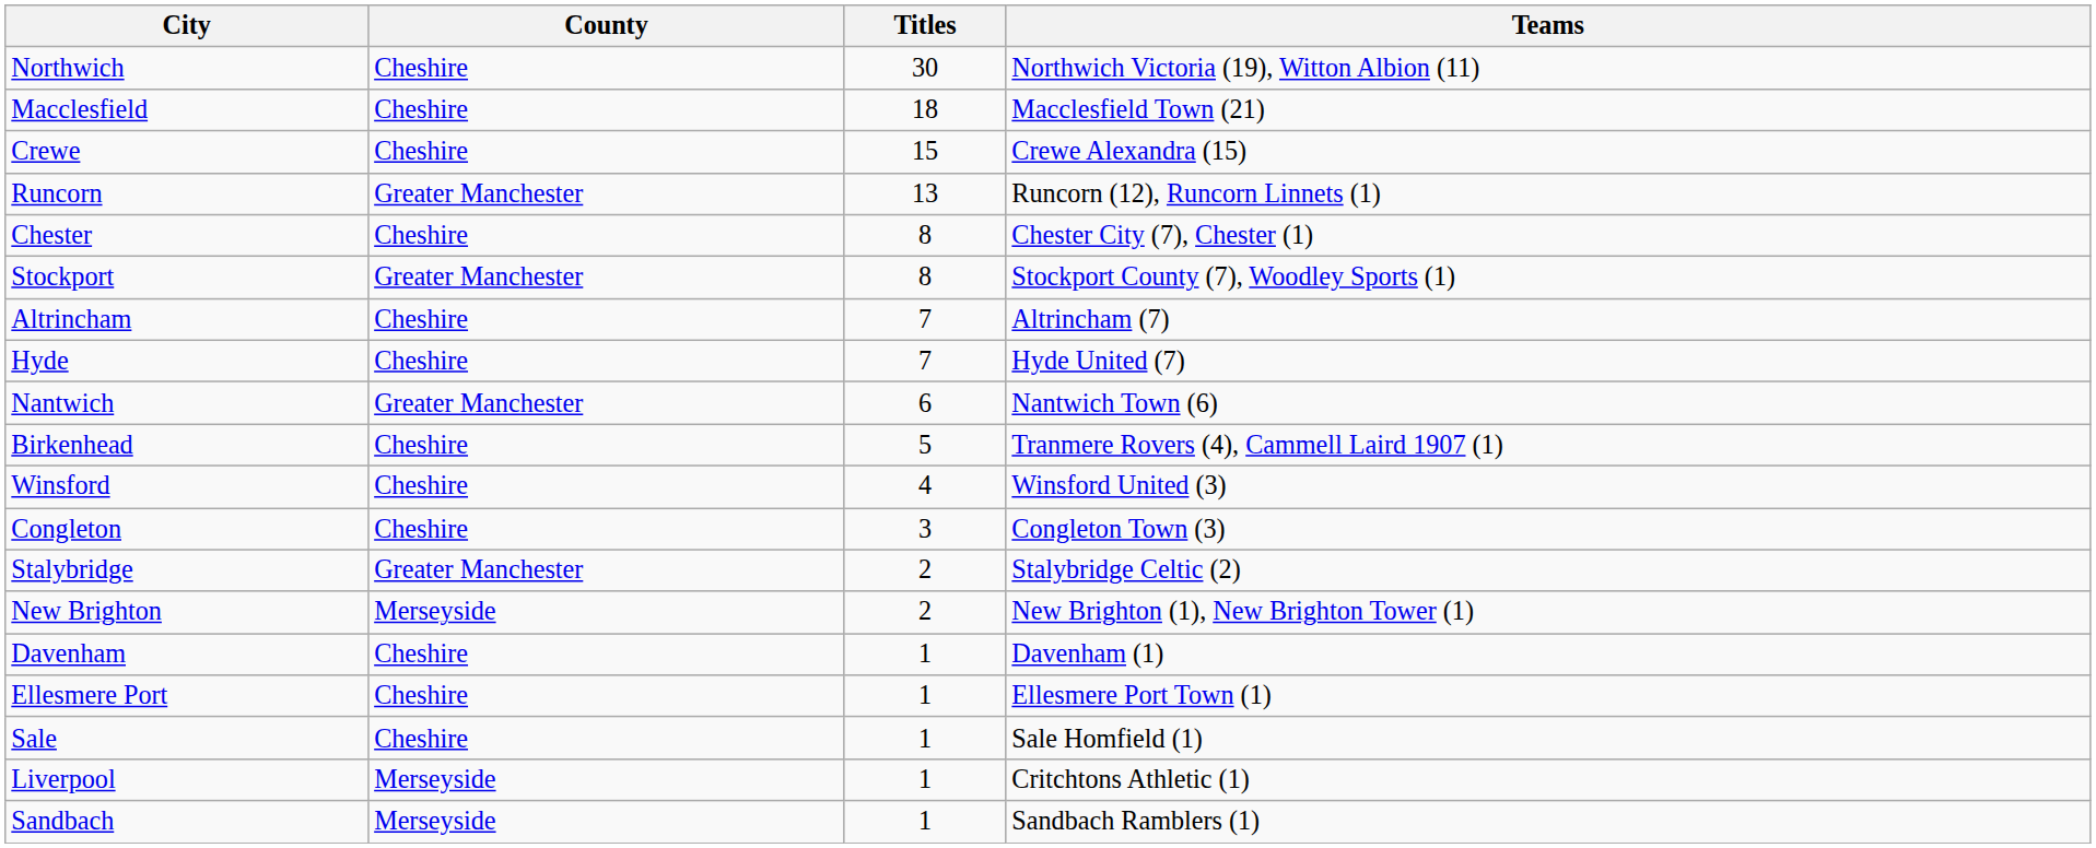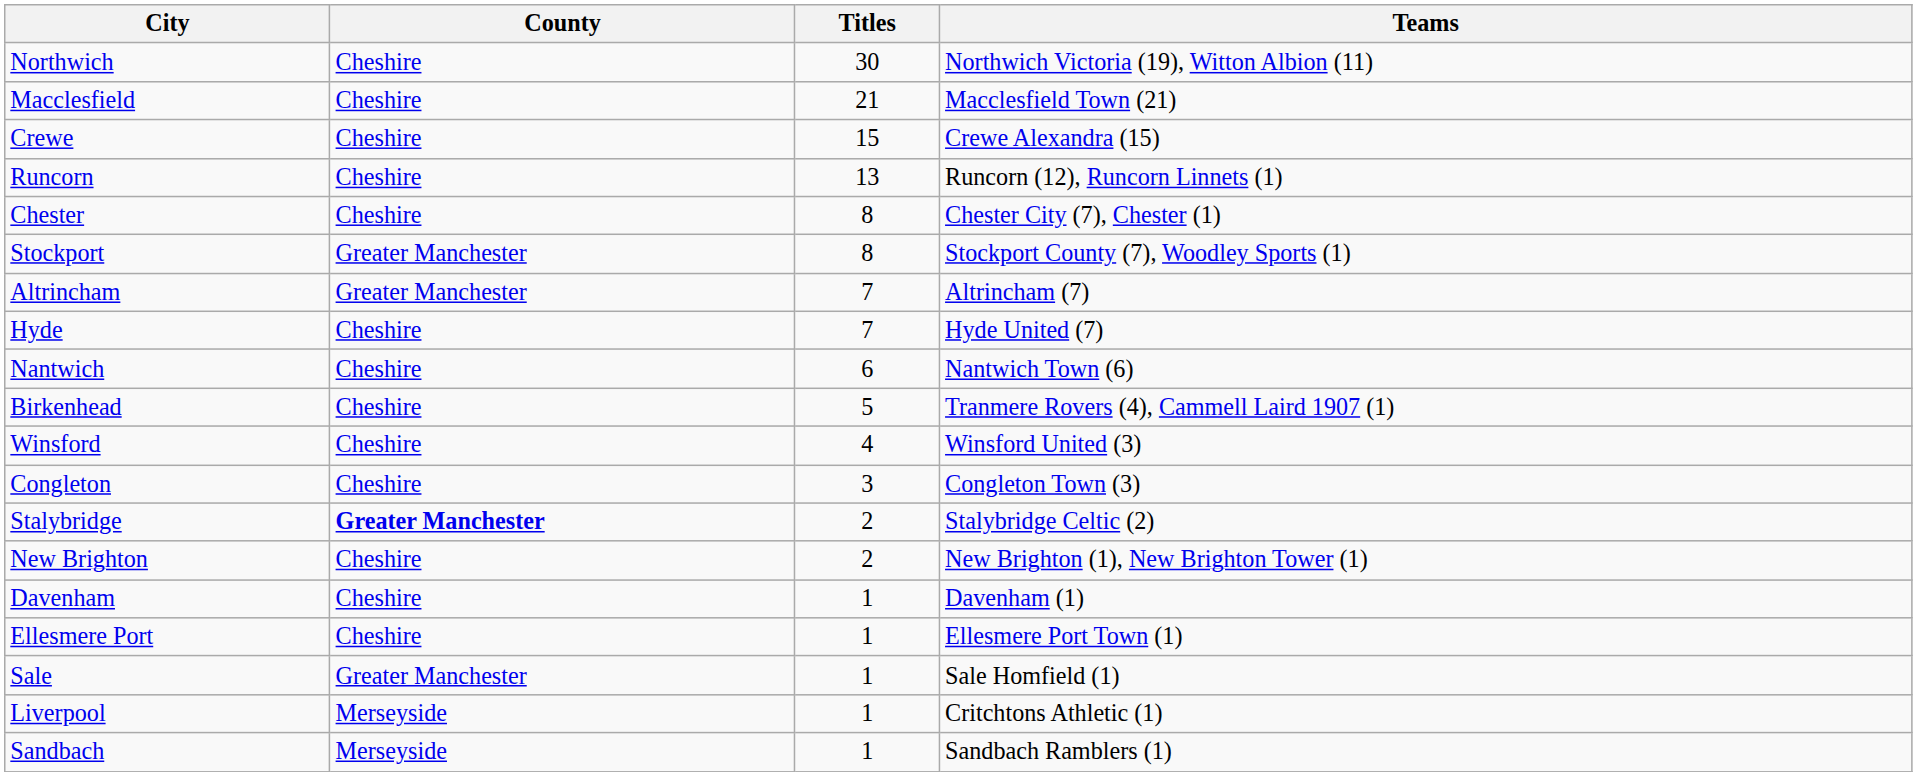 <table class="wikitable sortable" style="text-align: center; width: 100%">
 <tr>
 <th>City</th>
 <th>County</th>
 <th>Titles</th>
 <th>Teams</th>
 </tr>
 <tr>
 <td style="text-align: left"><a href='#'>Northwich</a></td>
 <td style="text-align: left"> <a href='#'>Cheshire</a></td>
 <td>30</td>
 <td style="text-align: left"><a href='#'>Northwich Victoria</a> (19), <a href='#'>Witton Albion</a> (11)</td>
 </tr>
 <tr>
 <td style="text-align: left"><a href='#'>Macclesfield</a></td>
 <td style="text-align: left"> <a href='#'>Cheshire</a></td>
-<td>18</td>
+<td>21</td>
 <td style="text-align: left"><a href='#'>Macclesfield Town</a> (21)</td>
 </tr>
 <tr>
 <td style="text-align: left"><a href='#'>Crewe</a></td>
 <td style="text-align: left"> <a href='#'>Cheshire</a></td>
 <td>15</td>
 <td style="text-align: left"><a href='#'>Crewe Alexandra</a> (15)</td>
 </tr>
 <tr>
 <td style="text-align: left"><a href='#'>Runcorn</a></td>
-<td style="text-align: left"><a href='#'>Greater Manchester</a></td>
+<td style="text-align: left"> <a href='#'>Cheshire</a></td>
 <td>13</td>
 <td style="text-align: left">Runcorn (12), <a href='#'>Runcorn Linnets</a> (1)</td>
 </tr>
 <tr>
 <td style="text-align: left"><a href='#'>Chester</a></td>
 <td style="text-align: left"> <a href='#'>Cheshire</a></td>
 <td>8</td>
 <td style="text-align: left"><a href='#'>Chester City</a> (7), <a href='#'>Chester</a> (1)</td>
 </tr>
 <tr>
 <td style="text-align: left"><a href='#'>Stockport</a></td>
 <td style="text-align: left"> <a href='#'>Greater Manchester</a></td>
 <td>8</td>
 <td style="text-align: left"><a href='#'>Stockport County</a> (7), <a href='#'>Woodley Sports</a> (1)</td>
 </tr>
 <tr>
 <td style="text-align: left"><a href='#'>Altrincham</a></td>
-<td style="text-align: left"> <a href='#'>Cheshire</a></td>
+<td style="text-align: left"><a href='#'>Greater Manchester</a></td>
 <td>7</td>
 <td style="text-align: left"><a href='#'>Altrincham</a> (7)</td>
 </tr>
 <tr>
 <td style="text-align: left"><a href='#'>Hyde</a></td>
 <td style="text-align: left"> <a href='#'>Cheshire</a></td>
 <td>7</td>
 <td style="text-align: left"><a href='#'>Hyde United</a> (7)</td>
 </tr>
 <tr>
 <td style="text-align: left"><a href='#'>Nantwich</a></td>
-<td style="text-align: left"><a href='#'>Greater Manchester</a></td>
+<td style="text-align: left"> <a href='#'>Cheshire</a></td>
 <td>6</td>
 <td style="text-align: left"><a href='#'>Nantwich Town</a> (6)</td>
 </tr>
 <tr>
 <td style="text-align: left"><a href='#'>Birkenhead</a></td>
 <td style="text-align: left"> <a href='#'>Cheshire</a></td>
 <td>5</td>
 <td style="text-align: left"><a href='#'>Tranmere Rovers</a> (4), <a href='#'>Cammell Laird 1907</a> (1)</td>
 </tr>
 <tr>
 <td style="text-align: left"><a href='#'>Winsford</a></td>
 <td style="text-align: left"> <a href='#'>Cheshire</a></td>
 <td>4</td>
 <td style="text-align: left"><a href='#'>Winsford United</a> (3)</td>
 </tr>
 <tr>
 <td style="text-align: left"><a href='#'>Congleton</a></td>
 <td style="text-align: left"> <a href='#'>Cheshire</a></td>
 <td>3</td>
 <td style="text-align: left"><a href='#'>Congleton Town</a> (3)</td>
 </tr>
 <tr>
 <td style="text-align: left"><a href='#'>Stalybridge</a></td>
-<td style="text-align: left"><a href='#'>Greater Manchester</a></td>
+<td style="text-align: left"><strong><a href='#'>Greater Manchester</a></strong></td>
 <td>2</td>
 <td style="text-align: left"><a href='#'>Stalybridge Celtic</a> (2)</td>
 </tr>
 <tr>
 <td style="text-align: left"><a href='#'>New Brighton</a></td>
-<td style="text-align: left"> <a href='#'>Merseyside</a></td>
+<td style="text-align: left"> <a href='#'>Cheshire</a></td>
 <td>2</td>
 <td style="text-align: left"><a href='#'>New Brighton</a> (1), <a href='#'>New Brighton Tower</a> (1)</td>
 </tr>
 <tr>
 <td style="text-align: left"><a href='#'>Davenham</a></td>
 <td style="text-align: left"> <a href='#'>Cheshire</a></td>
 <td>1</td>
 <td style="text-align: left"><a href='#'>Davenham</a> (1)</td>
 </tr>
 <tr>
 <td style="text-align: left"><a href='#'>Ellesmere Port</a></td>
 <td style="text-align: left"> <a href='#'>Cheshire</a></td>
 <td>1</td>
 <td style="text-align: left"><a href='#'>Ellesmere Port Town</a> (1)</td>
 </tr>
 <tr>
 <td style="text-align: left"><a href='#'>Sale</a></td>
-<td style="text-align: left"> <a href='#'>Cheshire</a></td>
+<td style="text-align: left"><a href='#'>Greater Manchester</a></td>
 <td>1</td>
 <td style="text-align: left">Sale Homfield (1)</td>
 </tr>
 <tr>
 <td style="text-align: left"><a href='#'>Liverpool</a></td>
 <td style="text-align: left"> <a href='#'>Merseyside</a></td>
 <td>1</td>
 <td style="text-align: left">Critchtons Athletic (1)</td>
 </tr>
 <tr>
 <td style="text-align: left"><a href='#'>Sandbach</a></td>
 <td style="text-align: left"> <a href='#'>Merseyside</a></td>
 <td>1</td>
 <td style="text-align: left">Sandbach Ramblers (1)</td>
 </tr>
 </table>
